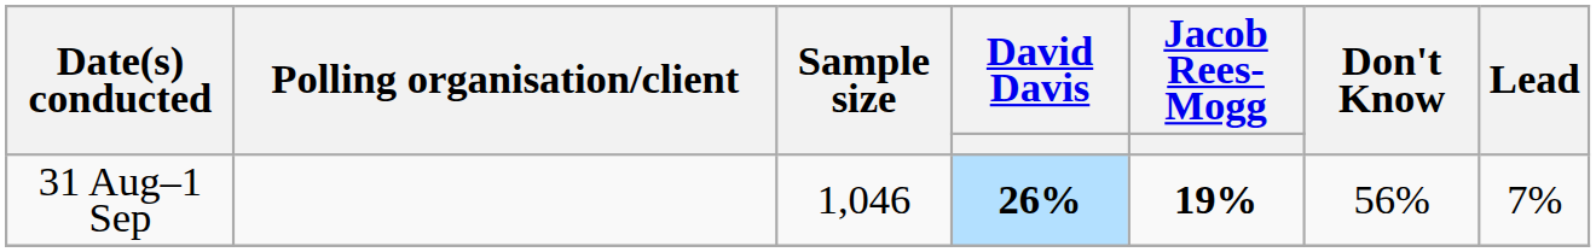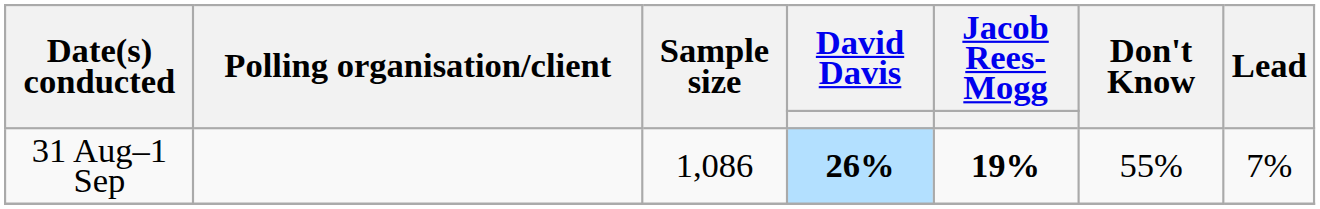 <table class="wikitable collapsible sortable" style="text-align:center;font-size:100%;line-height:14px">
 <tr valign= center>
 <th style="width:80px;" rowspan="2">Date(s)<br>conducted</th>
 <th style="width:200px;" rowspan="2">Polling organisation/client</th>
 <th style="width:60px;" rowspan="2">Sample size</th>
 <th style="width:60px;" class="unsortable"><a href='#'>David <br> Davis</a></th>
 <th style="width:60px;" class="unsortable"><a href='#'>Jacob <br> Rees-Mogg</a></th>
 <th style="width:60px;" rowspan="2" class="unsortable">Don't <br> Know</th>
 <th class="unsortable" style="width:20px;" rowspan="2">Lead</th>
 </tr>
 <tr>
 <th class="unsortable" style="color:inherit;background:"></th>
 <th class="unsortable" style="color:inherit;background:"></th>
 </tr>
 <tr>
 <td rowspan=1>31 Aug–1 Sep</td>
 <td rowspan=1></td>
-<td rowspan=1>1,046</td>
+<td rowspan=1>1,086</td>
 <td style="background:#B3E0FF"><strong>26%</strong></td>
 <td><strong>19%</strong></td>
-<td>56%</td>
+<td>55%</td>
 <td style="background:">7%</td>
 </tr>
 <tr>
 </tr>
 </table>
